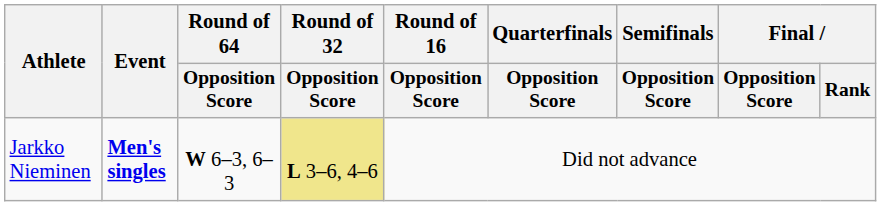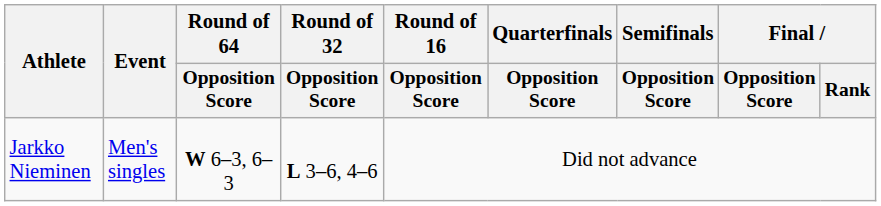 <table class=wikitable style="font-size:90%">
 <tr>
 <th rowspan="2">Athlete</th>
 <th rowspan="2">Event</th>
 <th>Round of 64</th>
 <th>Round of 32</th>
 <th>Round of 16</th>
 <th>Quarterfinals</th>
 <th>Semifinals</th>
 <th colspan=2>Final / </th>
 </tr>
 <tr style="font-size:95%">
 <th>Opposition<br>Score</th>
 <th>Opposition<br>Score</th>
 <th>Opposition<br>Score</th>
 <th>Opposition<br>Score</th>
 <th>Opposition<br>Score</th>
 <th>Opposition<br>Score</th>
 <th>Rank</th>
 </tr>
 <tr align=center>
 <td align=left><a href='#'>Jarkko Nieminen</a></td>
-<td align=left><strong><a href='#'>Men's singles</a></strong></td>
+<td align=left><a href='#'>Men's singles</a></td>
 <td><br><strong>W</strong> 6–3, 6–3</td>
-<td style="background: khaki;"><br><strong>L</strong> 3–6, 4–6</td>
+<td><br><strong>L</strong> 3–6, 4–6</td>
 <td colspan=5>Did not advance</td>
 </tr>
 </table>
